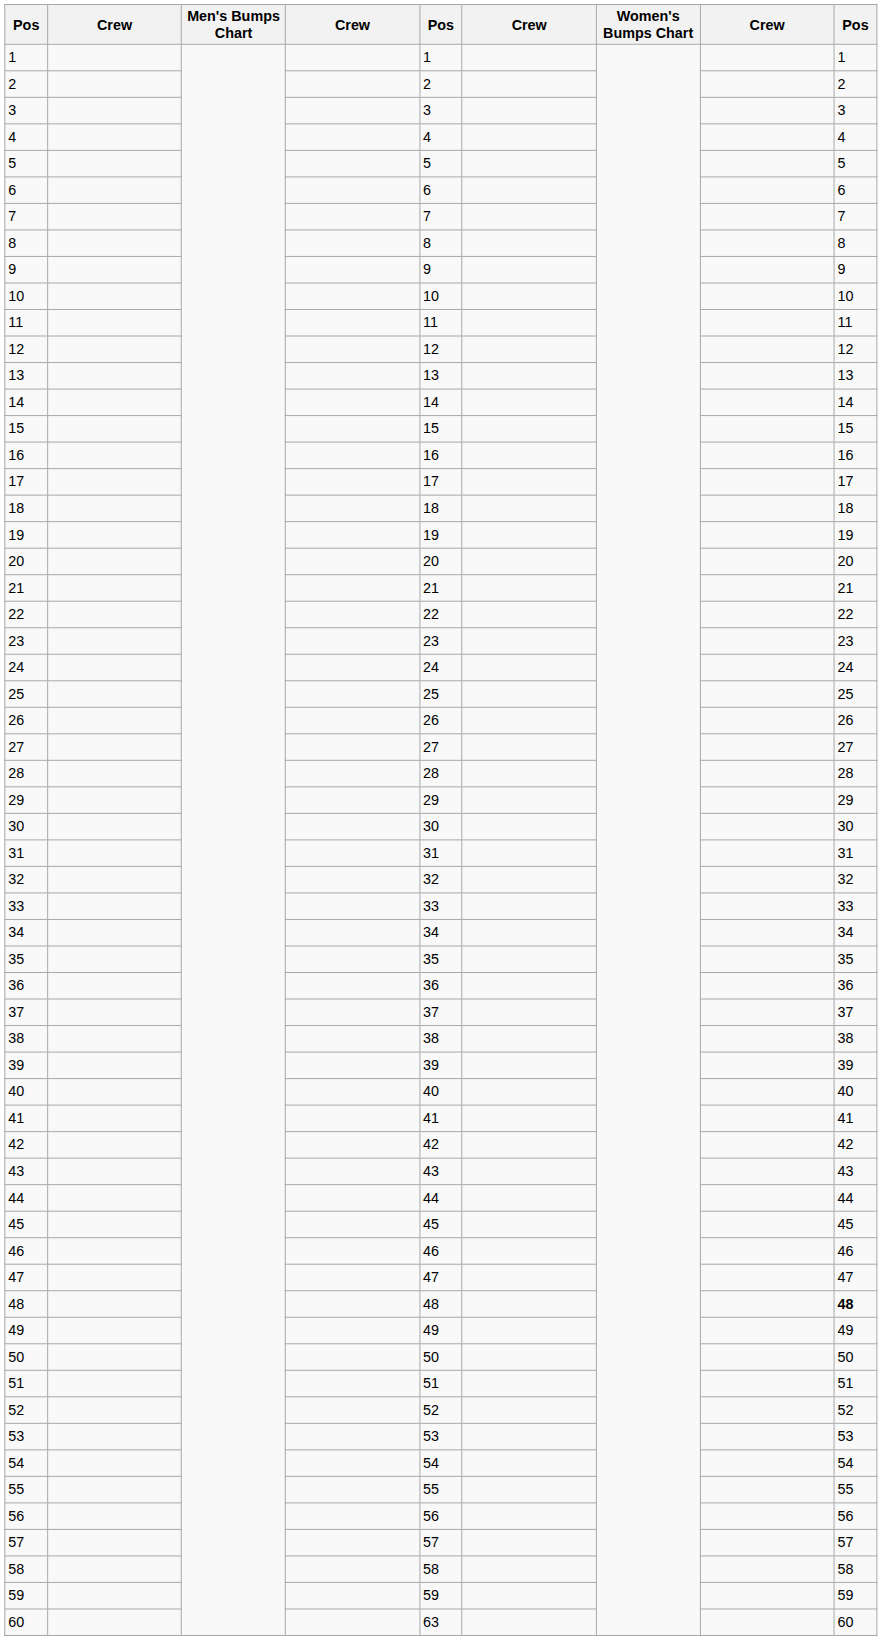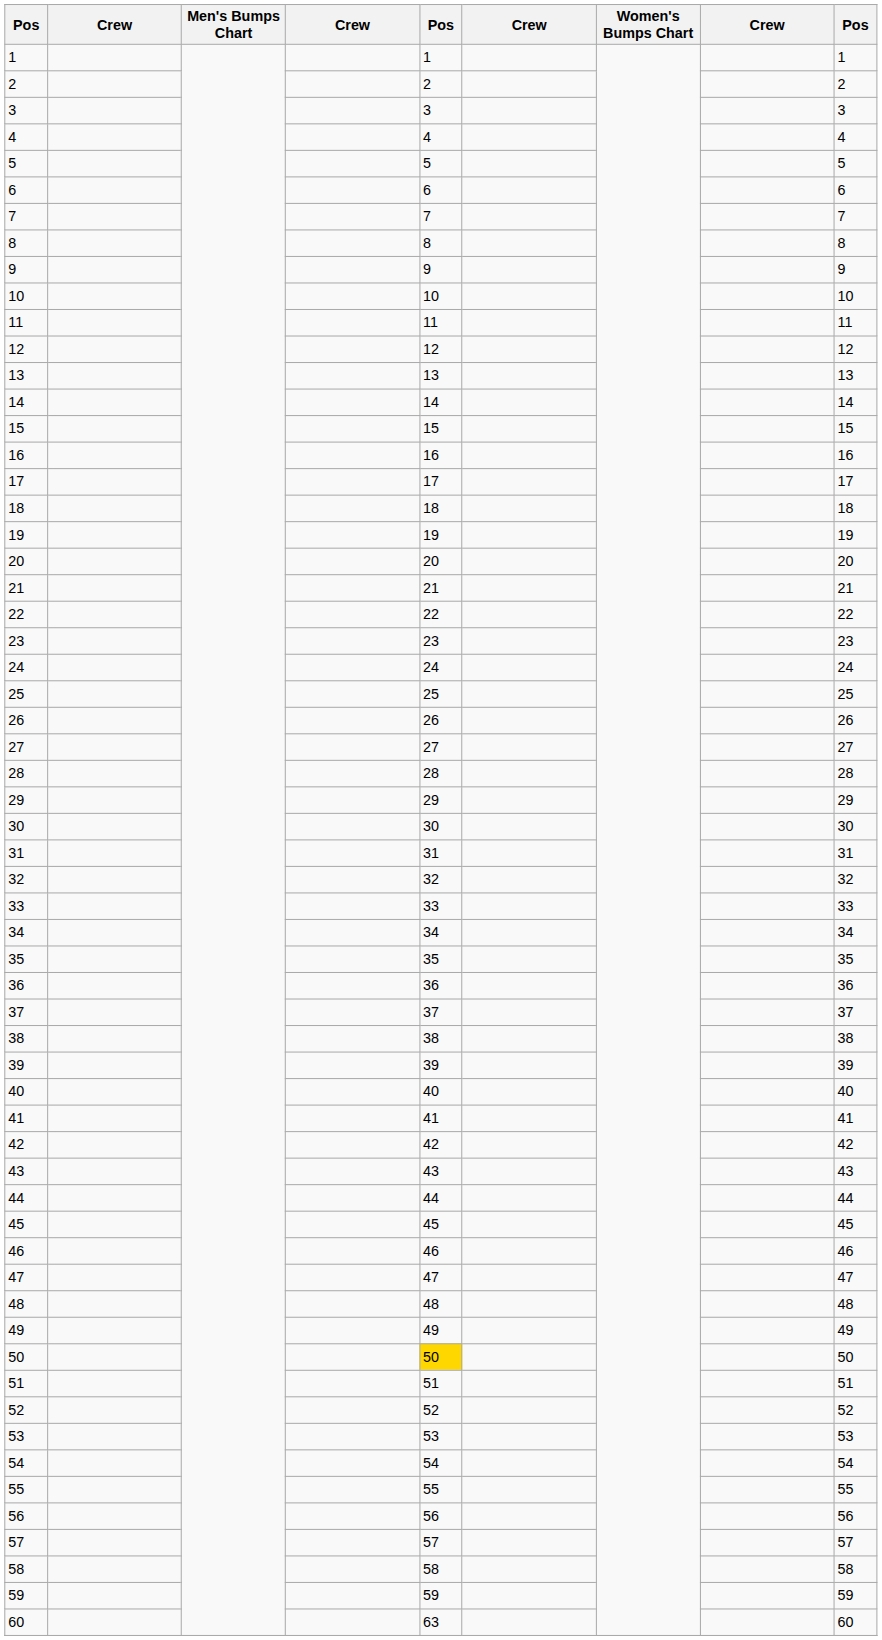 <table class="wikitable" style="font-size:88%; white-space:nowrap; margin:0.5em auto">
 <tr style="white-space:normal">
 <th width=35>Pos</th>
 <th width=125>Crew</th>
 <th width=95>Men's Bumps Chart</th>
 <th width=125>Crew</th>
 <th width=35>Pos</th>
 <th width=125>Crew</th>
 <th width=95>Women's Bumps Chart</th>
 <th width=125>Crew</th>
 <th width=35>Pos</th>
 </tr>
 <tr style="height:26px">
 <td>1</td>
 <td></td>
 <td rowspan="60" style="padding:0"></td>
 <td></td>
 <td>1</td>
 <td></td>
 <td rowspan="60" style="padding:0"></td>
 <td></td>
 <td>1</td>
 </tr>
 <tr style="height:26px">
 <td>2</td>
 <td></td>
 <td></td>
 <td>2</td>
 <td></td>
 <td></td>
 <td>2</td>
 </tr>
 <tr style="height:26px">
 <td>3</td>
 <td></td>
 <td></td>
 <td>3</td>
 <td></td>
 <td></td>
 <td>3</td>
 </tr>
 <tr style="height:26px">
 <td>4</td>
 <td></td>
 <td></td>
 <td>4</td>
 <td></td>
 <td></td>
 <td>4</td>
 </tr>
 <tr style="height:26px">
 <td>5</td>
 <td></td>
 <td></td>
 <td>5</td>
 <td></td>
 <td></td>
 <td>5</td>
 </tr>
 <tr style="height:26px">
 <td>6</td>
 <td></td>
 <td></td>
 <td>6</td>
 <td></td>
 <td></td>
 <td>6</td>
 </tr>
 <tr style="height:26px">
 <td>7</td>
 <td></td>
 <td></td>
 <td>7</td>
 <td></td>
 <td></td>
 <td>7</td>
 </tr>
 <tr style="height:26px">
 <td>8</td>
 <td></td>
 <td></td>
 <td>8</td>
 <td></td>
 <td></td>
 <td>8</td>
 </tr>
 <tr style="height:26px">
 <td>9</td>
 <td></td>
 <td></td>
 <td>9</td>
 <td></td>
 <td></td>
 <td>9</td>
 </tr>
 <tr style="height:26px">
 <td>10</td>
 <td></td>
 <td></td>
 <td>10</td>
 <td></td>
 <td></td>
 <td>10</td>
 </tr>
 <tr style="height:26px">
 <td>11</td>
 <td></td>
 <td></td>
 <td>11</td>
 <td></td>
 <td></td>
 <td>11</td>
 </tr>
 <tr style="height:26px">
 <td>12</td>
 <td></td>
 <td></td>
 <td>12</td>
 <td></td>
 <td></td>
 <td>12</td>
 </tr>
 <tr style="height:26px">
 <td>13</td>
 <td></td>
 <td></td>
 <td>13</td>
 <td></td>
 <td></td>
 <td>13</td>
 </tr>
 <tr style="height:26px">
 <td>14</td>
 <td></td>
 <td></td>
 <td>14</td>
 <td></td>
 <td></td>
 <td>14</td>
 </tr>
 <tr style="height:26px">
 <td>15</td>
 <td></td>
 <td></td>
 <td>15</td>
 <td></td>
 <td></td>
 <td>15</td>
 </tr>
 <tr style="height:26px">
 <td>16</td>
 <td></td>
 <td></td>
 <td>16</td>
 <td></td>
 <td></td>
 <td>16</td>
 </tr>
 <tr style="height:26px">
 <td>17</td>
 <td></td>
 <td></td>
 <td>17</td>
 <td></td>
 <td></td>
 <td>17</td>
 </tr>
 <tr style="height:26px">
 <td>18</td>
 <td></td>
 <td></td>
 <td>18</td>
 <td></td>
 <td></td>
 <td>18</td>
 </tr>
 <tr style="height:26px">
 <td>19</td>
 <td></td>
 <td></td>
 <td>19</td>
 <td></td>
 <td></td>
 <td>19</td>
 </tr>
 <tr style="height:26px">
 <td>20</td>
 <td></td>
 <td></td>
 <td>20</td>
 <td></td>
 <td></td>
 <td>20</td>
 </tr>
 <tr style="height:26px">
 <td>21</td>
 <td></td>
 <td></td>
 <td>21</td>
 <td></td>
 <td></td>
 <td>21</td>
 </tr>
 <tr style="height:26px">
 <td>22</td>
 <td></td>
 <td></td>
 <td>22</td>
 <td></td>
 <td></td>
 <td>22</td>
 </tr>
 <tr style="height:26px">
 <td>23</td>
 <td></td>
 <td></td>
 <td>23</td>
 <td></td>
 <td></td>
 <td>23</td>
 </tr>
 <tr style="height:26px">
 <td>24</td>
 <td></td>
 <td></td>
 <td>24</td>
 <td></td>
 <td></td>
 <td>24</td>
 </tr>
 <tr style="height:26px">
 <td>25</td>
 <td></td>
 <td></td>
 <td>25</td>
 <td></td>
 <td></td>
 <td>25</td>
 </tr>
 <tr style="height:26px">
 <td>26</td>
 <td></td>
 <td></td>
 <td>26</td>
 <td></td>
 <td></td>
 <td>26</td>
 </tr>
 <tr style="height:26px">
 <td>27</td>
 <td></td>
 <td></td>
 <td>27</td>
 <td></td>
 <td></td>
 <td>27</td>
 </tr>
 <tr style="height:26px">
 <td>28</td>
 <td></td>
 <td></td>
 <td>28</td>
 <td></td>
 <td></td>
 <td>28</td>
 </tr>
 <tr style="height:26px">
 <td>29</td>
 <td></td>
 <td></td>
 <td>29</td>
 <td></td>
 <td></td>
 <td>29</td>
 </tr>
 <tr style="height:26px">
 <td>30</td>
 <td></td>
 <td></td>
 <td>30</td>
 <td></td>
 <td></td>
 <td>30</td>
 </tr>
 <tr style="height:26px">
 <td>31</td>
 <td></td>
 <td></td>
 <td>31</td>
 <td></td>
 <td></td>
 <td>31</td>
 </tr>
 <tr style="height:26px">
 <td>32</td>
 <td></td>
 <td></td>
 <td>32</td>
 <td></td>
 <td></td>
 <td>32</td>
 </tr>
 <tr style="height:26px">
 <td>33</td>
 <td></td>
 <td></td>
 <td>33</td>
 <td></td>
 <td></td>
 <td>33</td>
 </tr>
 <tr style="height:26px">
 <td>34</td>
 <td></td>
 <td></td>
 <td>34</td>
 <td></td>
 <td></td>
 <td>34</td>
 </tr>
 <tr style="height:26px">
 <td>35</td>
 <td></td>
 <td></td>
 <td>35</td>
 <td></td>
 <td></td>
 <td>35</td>
 </tr>
 <tr style="height:26px">
 <td>36</td>
 <td></td>
 <td></td>
 <td>36</td>
 <td></td>
 <td></td>
 <td>36</td>
 </tr>
 <tr style="height:26px">
 <td>37</td>
 <td></td>
 <td></td>
 <td>37</td>
 <td></td>
 <td></td>
 <td>37</td>
 </tr>
 <tr style="height:26px">
 <td>38</td>
 <td></td>
 <td></td>
 <td>38</td>
 <td></td>
 <td></td>
 <td>38</td>
 </tr>
 <tr style="height:26px">
 <td>39</td>
 <td></td>
 <td></td>
 <td>39</td>
 <td></td>
 <td></td>
 <td>39</td>
 </tr>
 <tr style="height:26px">
 <td>40</td>
 <td></td>
 <td></td>
 <td>40</td>
 <td></td>
 <td></td>
 <td>40</td>
 </tr>
 <tr style="height:26px">
 <td>41</td>
 <td></td>
 <td></td>
 <td>41</td>
 <td></td>
 <td></td>
 <td>41</td>
 </tr>
 <tr style="height:26px">
 <td>42</td>
 <td></td>
 <td></td>
 <td>42</td>
 <td></td>
 <td></td>
 <td>42</td>
 </tr>
 <tr style="height:26px">
 <td>43</td>
 <td></td>
 <td></td>
 <td>43</td>
 <td></td>
 <td></td>
 <td>43</td>
 </tr>
 <tr style="height:26px">
 <td>44</td>
 <td></td>
 <td></td>
 <td>44</td>
 <td></td>
 <td></td>
 <td>44</td>
 </tr>
 <tr style="height:26px">
 <td>45</td>
 <td></td>
 <td></td>
 <td>45</td>
 <td></td>
 <td></td>
 <td>45</td>
 </tr>
 <tr style="height:26px">
 <td>46</td>
 <td></td>
 <td></td>
 <td>46</td>
 <td></td>
 <td></td>
 <td>46</td>
 </tr>
 <tr style="height:26px">
 <td>47</td>
 <td></td>
 <td></td>
 <td>47</td>
 <td></td>
 <td></td>
 <td>47</td>
 </tr>
 <tr style="height:26px">
 <td>48</td>
 <td></td>
 <td></td>
 <td>48</td>
 <td></td>
 <td></td>
-<td><strong>48</strong></td>
+<td>48</td>
 </tr>
 <tr style="height:26px">
 <td>49</td>
 <td></td>
 <td></td>
 <td>49</td>
 <td></td>
 <td></td>
 <td>49</td>
 </tr>
 <tr style="height:26px">
 <td>50</td>
 <td></td>
 <td></td>
-<td>50</td>
+<td style="background: gold;">50</td>
 <td></td>
 <td></td>
 <td>50</td>
 </tr>
 <tr style="height:26px">
 <td>51</td>
 <td></td>
 <td></td>
 <td>51</td>
 <td></td>
 <td></td>
 <td>51</td>
 </tr>
 <tr style="height:26px">
 <td>52</td>
 <td></td>
 <td></td>
 <td>52</td>
 <td></td>
 <td></td>
 <td>52</td>
 </tr>
 <tr style="height:26px">
 <td>53</td>
 <td></td>
 <td></td>
 <td>53</td>
 <td></td>
 <td></td>
 <td>53</td>
 </tr>
 <tr style="height:26px">
 <td>54</td>
 <td></td>
 <td></td>
 <td>54</td>
 <td></td>
 <td></td>
 <td>54</td>
 </tr>
 <tr style="height:26px">
 <td>55</td>
 <td></td>
 <td></td>
 <td>55</td>
 <td></td>
 <td></td>
 <td>55</td>
 </tr>
 <tr style="height:26px">
 <td>56</td>
 <td></td>
 <td></td>
 <td>56</td>
 <td></td>
 <td></td>
 <td>56</td>
 </tr>
 <tr style="height:26px">
 <td>57</td>
 <td></td>
 <td></td>
 <td>57</td>
 <td></td>
 <td></td>
 <td>57</td>
 </tr>
 <tr style="height:26px">
 <td>58</td>
 <td></td>
 <td></td>
 <td>58</td>
 <td></td>
 <td></td>
 <td>58</td>
 </tr>
 <tr style="height:26px">
 <td>59</td>
 <td></td>
 <td></td>
 <td>59</td>
 <td></td>
 <td></td>
 <td>59</td>
 </tr>
 <tr style="height:26px">
 <td>60</td>
 <td></td>
 <td></td>
 <td>63</td>
 <td></td>
 <td></td>
 <td>60</td>
 </tr>
 <tr>
 </tr>
 </table>
